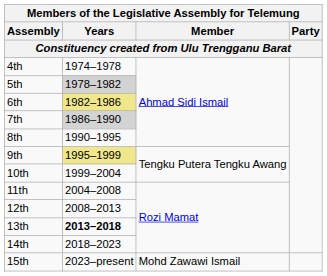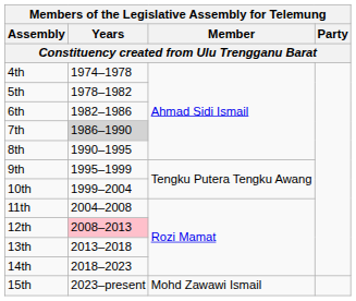 <table class="wikitable">
 <tr>
 <th colspan="4">Members of the Legislative Assembly for Telemung</th>
 </tr>
 <tr>
 <th>Assembly</th>
 <th>Years</th>
 <th>Member</th>
 <th>Party</th>
 </tr>
 <tr>
 <th colspan="4" align="center"><em>Constituency created from Ulu Trengganu Barat</em></th>
 </tr>
 <tr>
 <td>4th</td>
 <td>1974–1978</td>
 <td rowspan="5"><a href='#'>Ahmad Sidi Ismail</a></td>
 <td rowspan="11"></td>
 </tr>
 <tr>
 <td>5th</td>
-<td style="background: lightgrey;">1978–1982</td>
+<td>1978–1982</td>
 </tr>
 <tr>
 <td>6th</td>
-<td style="background: khaki;">1982–1986</td>
+<td>1982–1986</td>
 </tr>
 <tr>
 <td>7th</td>
 <td style="background: lightgrey;">1986–1990</td>
 </tr>
 <tr>
 <td>8th</td>
 <td>1990–1995</td>
 </tr>
 <tr>
 <td>9th</td>
-<td style="background: khaki;">1995–1999</td>
+<td>1995–1999</td>
 <td rowspan="2">Tengku Putera Tengku Awang</td>
 </tr>
 <tr>
 <td>10th</td>
 <td>1999–2004</td>
 </tr>
 <tr>
 <td>11th</td>
 <td>2004–2008</td>
 <td rowspan="4"><a href='#'>Rozi Mamat</a></td>
 </tr>
 <tr>
 <td>12th</td>
-<td>2008–2013</td>
+<td style="background: pink;">2008–2013</td>
 </tr>
 <tr>
 <td>13th</td>
-<td><strong>2013–2018</strong></td>
+<td>2013–2018</td>
 </tr>
 <tr>
 <td>14th</td>
 <td>2018–2023</td>
 </tr>
 <tr>
 <td>15th</td>
 <td>2023–present</td>
 <td>Mohd Zawawi Ismail</td>
 <td></td>
 </tr>
 </table>
